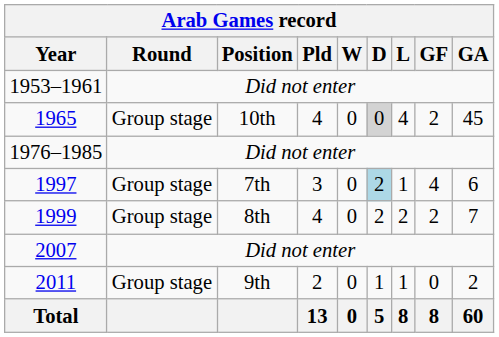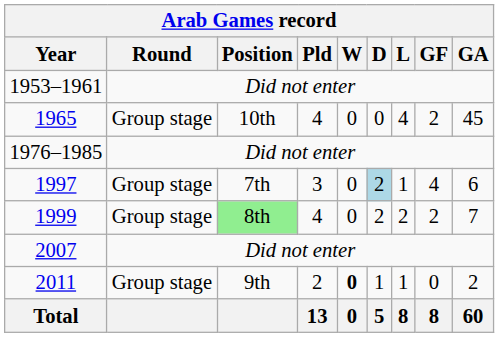 <table class="wikitable" style="text-align: center;font-size:100%">
 <tr>
 <th colspan=9><a href='#'>Arab Games</a> record</th>
 </tr>
 <tr>
 <th>Year</th>
 <th>Round</th>
 <th>Position</th>
 <th>Pld</th>
 <th>W</th>
 <th>D</th>
 <th>L</th>
 <th>GF</th>
 <th>GA</th>
 </tr>
 <tr>
 <td>1953–1961</td>
 <td colspan=8><em>Did not enter</em></td>
 </tr>
 <tr>
 <td> <a href='#'>1965</a></td>
 <td>Group stage</td>
 <td>10th</td>
 <td>4</td>
 <td>0</td>
-<td style="background: lightgrey;">0</td>
+<td>0</td>
 <td>4</td>
 <td>2</td>
 <td>45</td>
 </tr>
 <tr>
 <td>1976–1985</td>
 <td colspan=8><em>Did not enter</em></td>
 </tr>
 <tr>
 <td> <a href='#'>1997</a></td>
 <td>Group stage</td>
 <td>7th</td>
 <td>3</td>
 <td>0</td>
 <td style="background: lightblue;">2</td>
 <td>1</td>
 <td>4</td>
 <td>6</td>
 </tr>
 <tr>
 <td> <a href='#'>1999</a></td>
 <td>Group stage</td>
-<td>8th</td>
+<td style="background: lightgreen;">8th</td>
 <td>4</td>
 <td>0</td>
 <td>2</td>
 <td>2</td>
 <td>2</td>
 <td>7</td>
 </tr>
 <tr>
 <td> <a href='#'>2007</a></td>
 <td colspan=8><em>Did not enter</em></td>
 </tr>
 <tr>
 <td> <a href='#'>2011</a></td>
 <td>Group stage</td>
 <td>9th</td>
 <td>2</td>
-<td>0</td>
+<td><strong>0</strong></td>
 <td>1</td>
 <td>1</td>
 <td>0</td>
 <td>2</td>
 </tr>
 <tr>
 <th>Total</th>
 <th></th>
 <th></th>
 <th>13</th>
 <th>0</th>
 <th>5</th>
 <th>8</th>
 <th>8</th>
 <th>60</th>
 </tr>
 </table>
